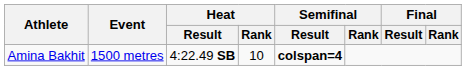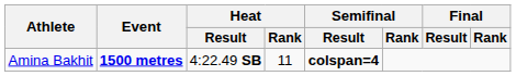 <table class="wikitable" style="font-size:90%">
 <tr>
 <th rowspan="2">Athlete</th>
 <th rowspan="2">Event</th>
 <th colspan="2">Heat</th>
 <th colspan="2">Semifinal</th>
 <th colspan="2">Final</th>
 </tr>
 <tr style="font-size:95%">
 <th>Result</th>
 <th>Rank</th>
 <th>Result</th>
 <th>Rank</th>
 <th>Result</th>
 <th>Rank</th>
 </tr>
 <tr style=text-align:center>
 <td style=text-align:left><a href='#'>Amina Bakhit</a></td>
-<td style=text-align:left><a href='#'>1500 metres</a></td>
+<td style=text-align:left><strong><a href='#'>1500 metres</a></strong></td>
 <td>4:22.49 <strong>SB</strong></td>
-<td>10</td>
+<td>11</td>
 <td><strong>colspan=4 </strong></td>
 </tr>
 </table>
